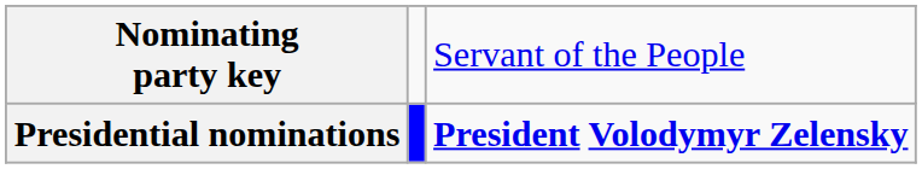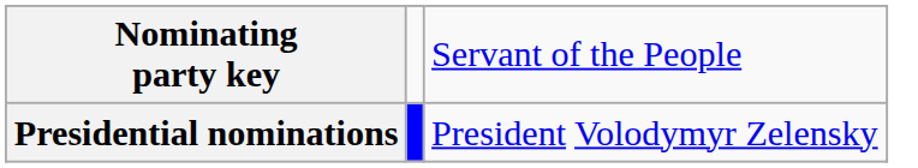 <table class=wikitable>
 <tr>
 <th rowspan=>Nominating<br>party key</th>
 <td style="background:"></td>
 <td><a href='#'>Servant of the People</a></td>
 </tr>
 <tr>
 <th rowspan=>Presidential nominations</th>
 <td style="background:blue"></td>
-<td><strong><a href='#'>President</a> <a href='#'>Volodymyr Zelensky</a></strong></td>
+<td><a href='#'>President</a> <a href='#'>Volodymyr Zelensky</a></td>
 </tr>
 </table>
